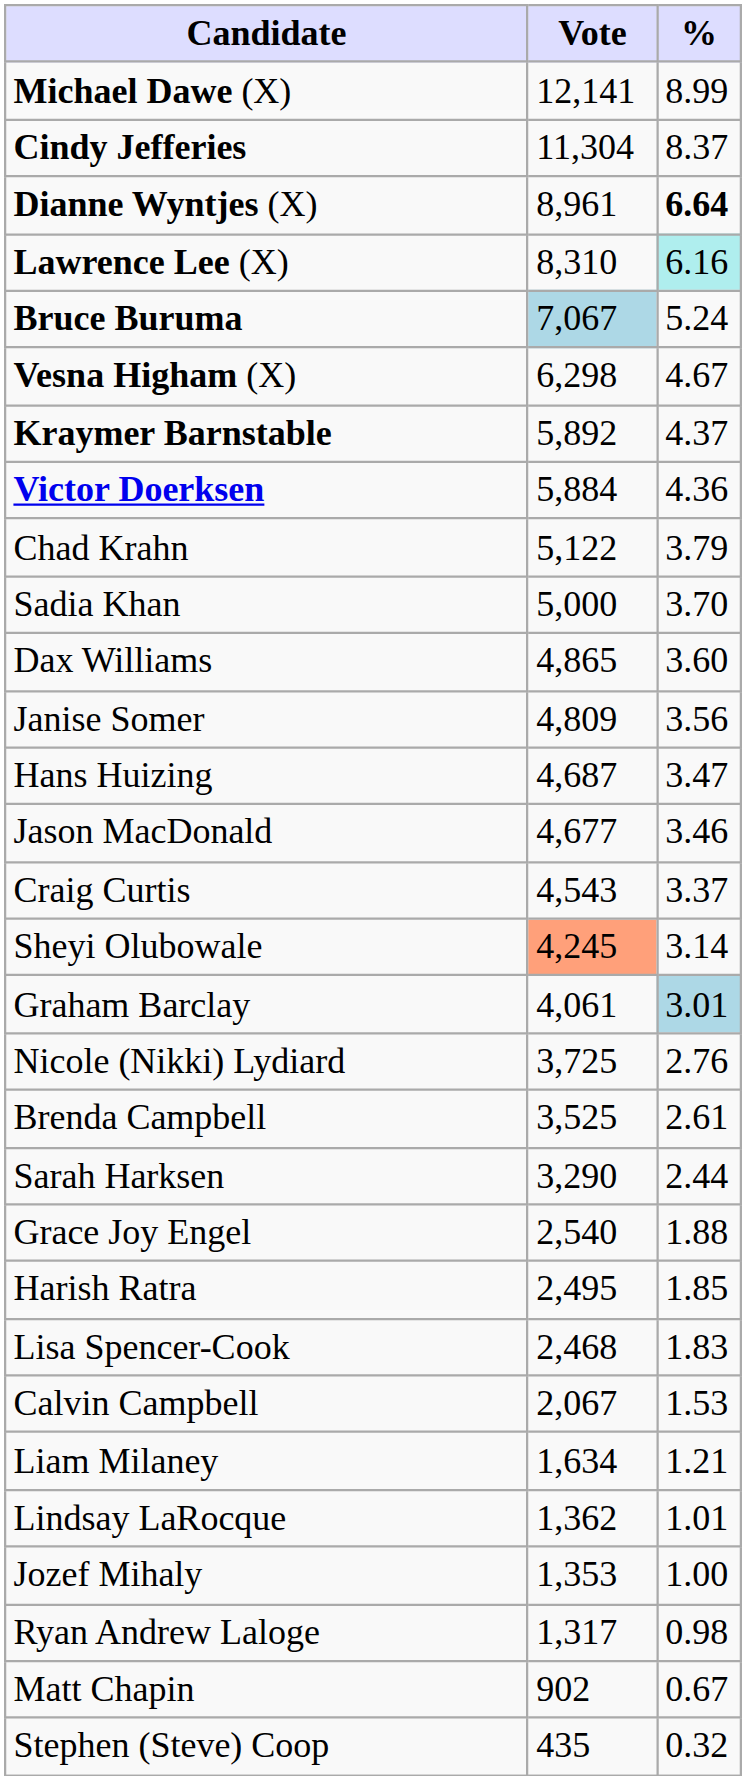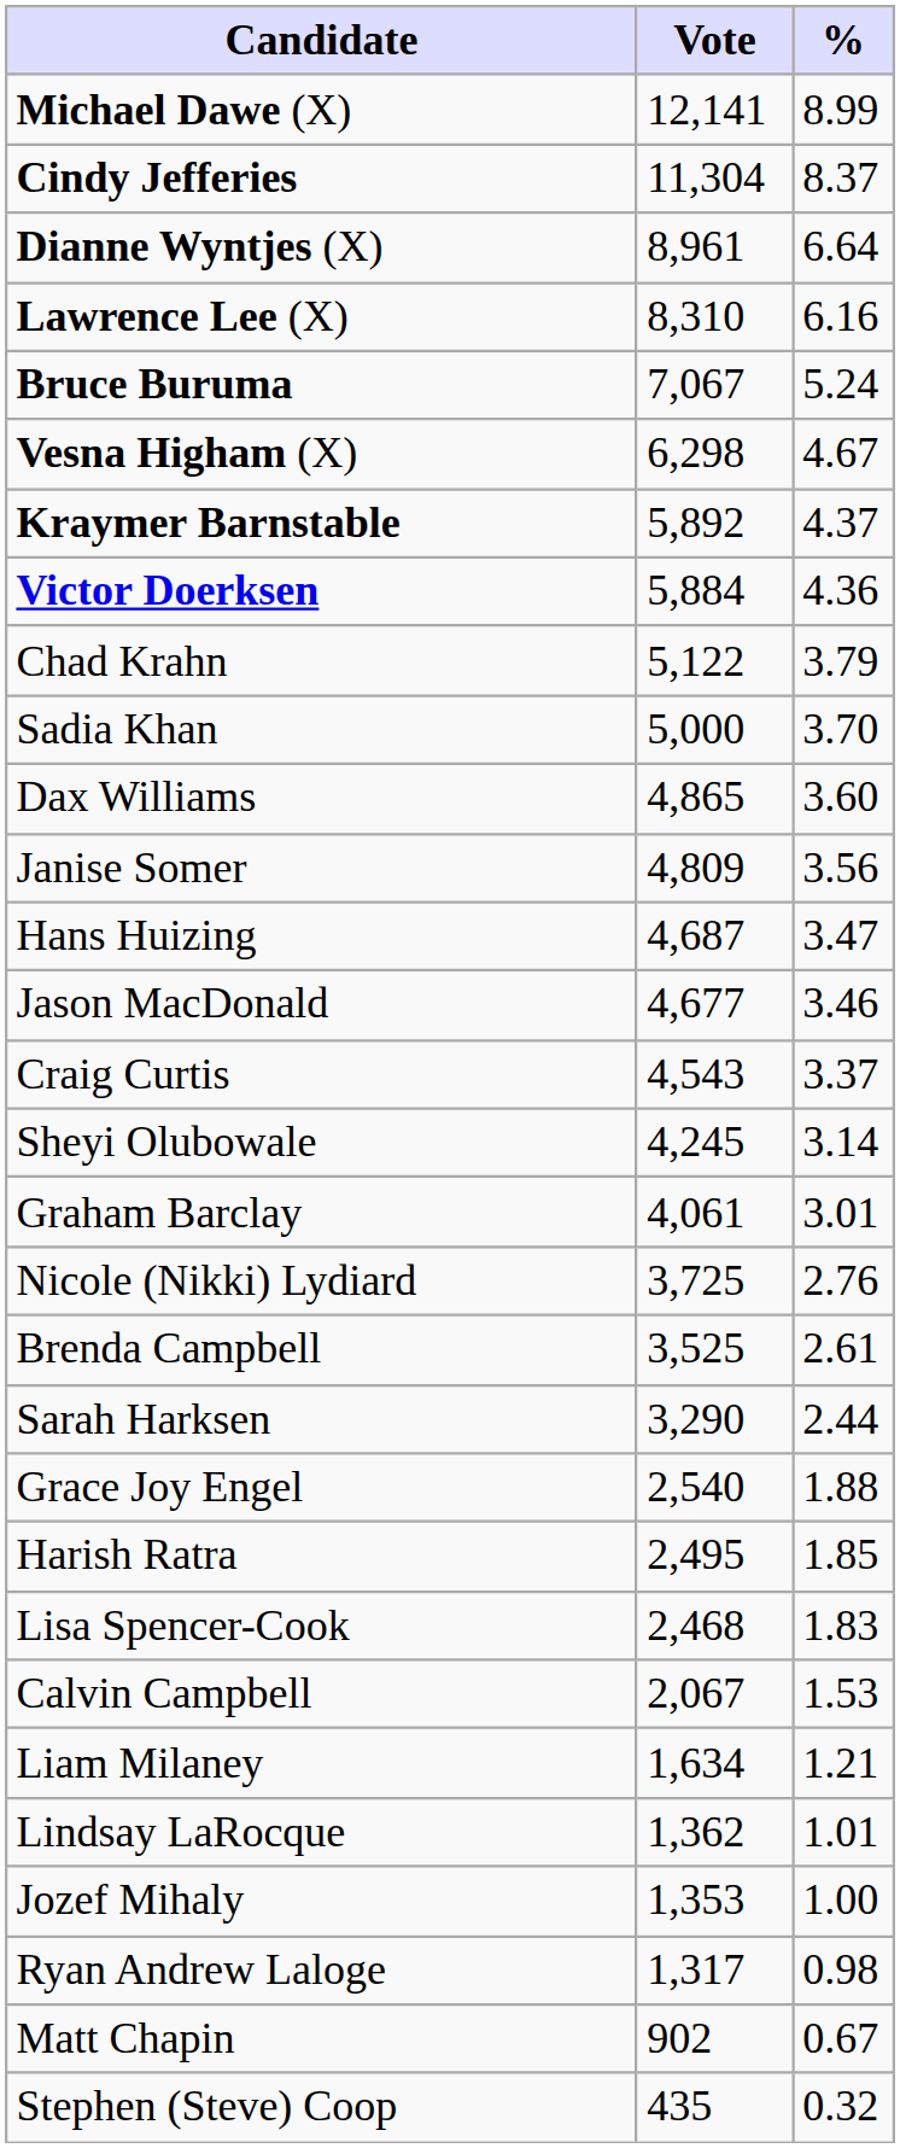 <table class="wikitable">
 <tr>
 <th style="background:#ddf; width:225px;">Candidate</th>
 <th style="background:#ddf; width:50px;">Vote</th>
 <th style="background:#ddf; width:30px;">%</th>
 </tr>
 <tr>
 <td><strong>Michael Dawe</strong> (X)</td>
 <td>12,141</td>
 <td>8.99</td>
 </tr>
 <tr>
 <td><strong>Cindy Jefferies</strong></td>
 <td>11,304</td>
 <td>8.37</td>
 </tr>
 <tr>
 <td><strong>Dianne Wyntjes</strong> (X)</td>
 <td>8,961</td>
-<td><strong>6.64</strong></td>
+<td>6.64</td>
 </tr>
 <tr>
 <td><strong>Lawrence Lee</strong> (X)</td>
 <td>8,310</td>
-<td style="background: paleturquoise;">6.16</td>
+<td>6.16</td>
 </tr>
 <tr>
 <td><strong>Bruce Buruma</strong></td>
-<td style="background: lightblue;">7,067</td>
+<td>7,067</td>
 <td>5.24</td>
 </tr>
 <tr>
 <td><strong>Vesna Higham</strong> (X)</td>
 <td>6,298</td>
 <td>4.67</td>
 </tr>
 <tr>
 <td><strong>Kraymer Barnstable</strong></td>
 <td>5,892</td>
 <td>4.37</td>
 </tr>
 <tr>
 <td><strong><a href='#'>Victor Doerksen</a></strong></td>
 <td>5,884</td>
 <td>4.36</td>
 </tr>
 <tr>
 <td>Chad Krahn</td>
 <td>5,122</td>
 <td>3.79</td>
 </tr>
 <tr>
 <td>Sadia Khan</td>
 <td>5,000</td>
 <td>3.70</td>
 </tr>
 <tr>
 <td>Dax Williams</td>
 <td>4,865</td>
 <td>3.60</td>
 </tr>
 <tr>
 <td>Janise Somer</td>
 <td>4,809</td>
 <td>3.56</td>
 </tr>
 <tr>
 <td>Hans Huizing</td>
 <td>4,687</td>
 <td>3.47</td>
 </tr>
 <tr>
 <td>Jason MacDonald</td>
 <td>4,677</td>
 <td>3.46</td>
 </tr>
 <tr>
 <td>Craig Curtis</td>
 <td>4,543</td>
 <td>3.37</td>
 </tr>
 <tr>
 <td>Sheyi Olubowale</td>
-<td style="background: lightsalmon;">4,245</td>
+<td>4,245</td>
 <td>3.14</td>
 </tr>
 <tr>
 <td>Graham Barclay</td>
 <td>4,061</td>
-<td style="background: lightblue;">3.01</td>
+<td>3.01</td>
 </tr>
 <tr>
 <td>Nicole (Nikki) Lydiard</td>
 <td>3,725</td>
 <td>2.76</td>
 </tr>
 <tr>
 <td>Brenda Campbell</td>
 <td>3,525</td>
 <td>2.61</td>
 </tr>
 <tr>
 <td>Sarah Harksen</td>
 <td>3,290</td>
 <td>2.44</td>
 </tr>
 <tr>
 <td>Grace Joy Engel</td>
 <td>2,540</td>
 <td>1.88</td>
 </tr>
 <tr>
 <td>Harish Ratra</td>
 <td>2,495</td>
 <td>1.85</td>
 </tr>
 <tr>
 <td>Lisa Spencer-Cook</td>
 <td>2,468</td>
 <td>1.83</td>
 </tr>
 <tr>
 <td>Calvin Campbell</td>
 <td>2,067</td>
 <td>1.53</td>
 </tr>
 <tr>
 <td>Liam Milaney</td>
 <td>1,634</td>
 <td>1.21</td>
 </tr>
 <tr>
 <td>Lindsay LaRocque</td>
 <td>1,362</td>
 <td>1.01</td>
 </tr>
 <tr>
 <td>Jozef Mihaly</td>
 <td>1,353</td>
 <td>1.00</td>
 </tr>
 <tr>
 <td>Ryan Andrew Laloge</td>
 <td>1,317</td>
 <td>0.98</td>
 </tr>
 <tr>
 <td>Matt Chapin</td>
 <td>902</td>
 <td>0.67</td>
 </tr>
 <tr>
 <td>Stephen (Steve) Coop</td>
 <td>435</td>
 <td>0.32</td>
 </tr>
 <tr>
 </tr>
 </table>
